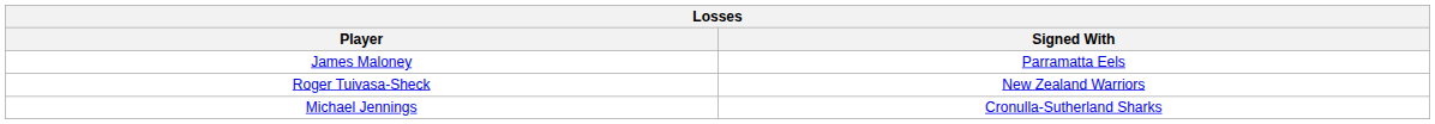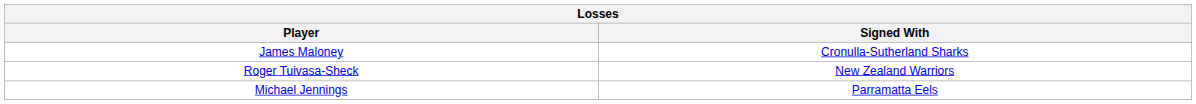 <table class="wikitable" style="width:100%;">
 <tr style="background:#EFEFEF;">
 <th colspan="100">Losses</th>
 </tr>
 <tr>
 <th width=50%>Player</th>
 <th width=50%>Signed With</th>
 </tr>
 <tr style="background:#FFF;">
 <td align=center><a href='#'>James Maloney</a></td>
-<td align=center><a href='#'>Parramatta Eels</a></td>
+<td align=center><a href='#'>Cronulla-Sutherland Sharks</a></td>
 </tr>
 <tr style="background:#FFF;">
 <td align=center><a href='#'>Roger Tuivasa-Sheck</a></td>
 <td align=center><a href='#'>New Zealand Warriors</a></td>
 </tr>
 <tr style="background:#FFF;">
 <td align=center><a href='#'>Michael Jennings</a></td>
-<td align=center><a href='#'>Cronulla-Sutherland Sharks</a></td>
+<td align=center><a href='#'>Parramatta Eels</a></td>
 </tr>
 </table>
